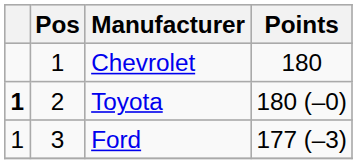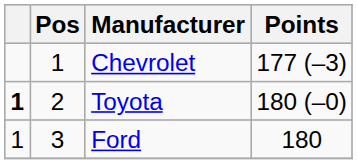 <table class="wikitable" style="font-size: 95%">
 <tr>
 <th></th>
 <th>Pos</th>
 <th>Manufacturer</th>
 <th>Points</th>
 </tr>
 <tr>
 <td align="left"></td>
 <td style="text-align:center;">1</td>
 <td><a href='#'>Chevrolet</a></td>
-<td style="text-align:center;">180</td>
+<td style="text-align:center;">177 (–3)</td>
 </tr>
 <tr>
 <td align="left"><strong> 1</strong></td>
 <td style="text-align:center;">2</td>
 <td><a href='#'>Toyota</a></td>
 <td style="text-align:center;">180 (–0)</td>
 </tr>
 <tr>
 <td align="left"> 1</td>
 <td style="text-align:center;">3</td>
 <td><a href='#'>Ford</a></td>
-<td style="text-align:center;">177 (–3)</td>
+<td style="text-align:center;">180</td>
 </tr>
 <tr class="sortbottom">
 </tr>
 </table>
